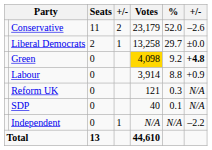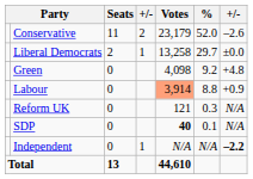 <table class="wikitable sortable">
 <tr>
 <th colspan="2">Party</th>
 <th>Seats</th>
 <th>+/-</th>
 <th>Votes</th>
 <th>%</th>
 <th>+/-</th>
 </tr>
 <tr>
 <td style="background-color: "></td>
 <td><a href='#'>Conservative</a></td>
 <td>11</td>
 <td> 2</td>
 <td style="text-align:right;">23,179</td>
 <td style="text-align:right;">52.0</td>
 <td style="text-align:right;">–2.6</td>
 </tr>
 <tr>
 <td style="background-color: "></td>
 <td><a href='#'>Liberal Democrats</a></td>
 <td>2</td>
 <td> 1</td>
 <td style="text-align:right;">13,258</td>
 <td style="text-align:right;">29.7</td>
 <td style="text-align:right;">±0.0</td>
 </tr>
 <tr>
 <td style="background-color: "></td>
 <td><a href='#'>Green</a></td>
 <td>0</td>
 <td></td>
-<td style="background: gold; text-align:right;">4,098</td>
+<td style="text-align:right;">4,098</td>
 <td style="text-align:right;">9.2</td>
-<td style="text-align:right;"><strong>+4.8</strong></td>
+<td style="text-align:right;">+4.8</td>
 </tr>
 <tr>
 <td style="background-color: "></td>
 <td><a href='#'>Labour</a></td>
 <td>0</td>
 <td></td>
-<td style="text-align:right;">3,914</td>
+<td style="background: lightsalmon; text-align:right;">3,914</td>
 <td style="text-align:right;">8.8</td>
 <td style="text-align:right;">+0.9</td>
 </tr>
 <tr>
 <td style="background-color: "></td>
 <td><a href='#'>Reform UK</a></td>
 <td>0</td>
 <td></td>
 <td style="text-align:right;">121</td>
 <td style="text-align:right;">0.3</td>
 <td style="text-align:right;"><em>N/A</em></td>
 </tr>
 <tr>
 <td style="background-color: "></td>
 <td><a href='#'>SDP</a></td>
 <td>0</td>
 <td></td>
-<td style="text-align:right;">40</td>
+<td style="text-align:right;"><strong>40</strong></td>
 <td style="text-align:right;">0.1</td>
 <td style="text-align:right;"><em>N/A</em></td>
 </tr>
 <tr>
 <td style="background-color: "></td>
 <td><a href='#'>Independent</a></td>
 <td>0</td>
 <td> 1</td>
 <td style="text-align:right;"><em>N/A</em></td>
 <td style="text-align:right;"><em>N/A</em></td>
-<td style="text-align:right;">–2.2</td>
+<td style="text-align:right;"><strong>–2.2</strong></td>
 </tr>
 <tr>
 <td colspan="2"><strong>Total</strong></td>
 <td><strong>13</strong></td>
 <td></td>
 <td style="text-align:right;"><strong>44,610</strong></td>
 <td style="text-align:right;"></td>
 <td style="text-align:right;"></td>
 </tr>
 </table>
